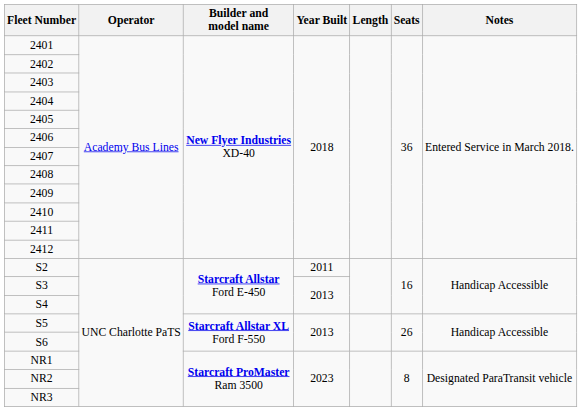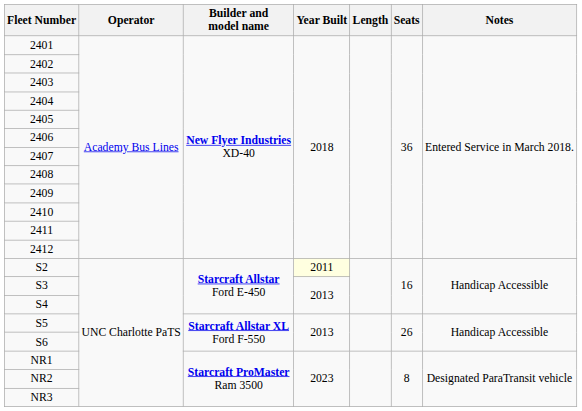 <table class="wikitable sortable" style="text-align:center" style="font-size: 95%;">
 <tr>
 <th>Fleet Number</th>
 <th>Operator</th>
 <th>Builder and<br>model name</th>
 <th>Year Built</th>
 <th>Length</th>
 <th>Seats</th>
 <th class=unsortable>Notes</th>
 </tr>
 <tr>
 <td align="center">2401</td>
 <td rowspan="12" align="center"><a href='#'>Academy Bus Lines</a></td>
 <td rowspan="12" align="center"><strong><a href='#'>New Flyer Industries</a></strong><br>XD-40</td>
 <td rowspan="12" align="center">2018</td>
 <td rowspan="12" align="center"></td>
 <td rowspan="12" align="center">36</td>
 <td rowspan="12" align="center">Entered Service in March 2018. </td>
 </tr>
 <tr>
 <td align="center">2402</td>
 </tr>
 <tr>
 <td align="center">2403</td>
 </tr>
 <tr>
 <td align="center">2404</td>
 </tr>
 <tr>
 <td align="center">2405</td>
 </tr>
 <tr>
 <td align="center">2406</td>
 </tr>
 <tr>
 <td align="center">2407</td>
 </tr>
 <tr>
 <td align="center">2408</td>
 </tr>
 <tr>
 <td align="center">2409</td>
 </tr>
 <tr>
 <td align="center">2410</td>
 </tr>
 <tr>
 <td align="center">2411</td>
 </tr>
 <tr>
 <td align="center">2412</td>
 </tr>
 <tr>
 <td align="center">S2</td>
 <td rowspan="8" align="center">UNC Charlotte PaTS</td>
 <td rowspan="3" align="center"><strong><a href='#'>Starcraft Allstar</a></strong><br>Ford E-450</td>
-<td align="center">2011</td>
+<td align="center" style="background: lightyellow;">2011</td>
 <td rowspan="3" align="center"></td>
 <td rowspan="3" align="center">16</td>
 <td rowspan="3" align="center">Handicap Accessible</td>
 </tr>
 <tr>
 <td align="center">S3</td>
 <td rowspan="2" align="center">2013</td>
 </tr>
 <tr>
 <td align="center">S4</td>
 </tr>
 <tr>
 <td align="center">S5</td>
 <td rowspan="2" align="center"><strong><a href='#'>Starcraft Allstar XL</a></strong><br>Ford F-550</td>
 <td rowspan="2" align="center">2013</td>
 <td rowspan="2" align="center"></td>
 <td rowspan="2" align="center">26</td>
 <td rowspan="2" align="center">Handicap Accessible</td>
 </tr>
 <tr>
 <td align="center">S6</td>
 </tr>
 <tr>
 <td align="center">NR1</td>
 <td rowspan="3" align="center"><strong><a href='#'>Starcraft ProMaster</a></strong> <br>Ram 3500</td>
 <td rowspan="3" align="center">2023</td>
 <td rowspan="3" align="center"></td>
 <td rowspan="3" align="center">8</td>
 <td rowspan="3" align="center">Designated ParaTransit vehicle</td>
 </tr>
 <tr>
 <td align="center">NR2</td>
 </tr>
 <tr>
 <td align="center">NR3</td>
 </tr>
 </table>
